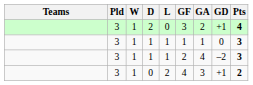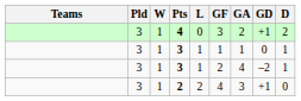 <table class="wikitable" style="text-align: center;">
 <tr>
 <th width=165>Teams</th>
 <th width=20>Pld</th>
 <th width=20>W</th>
-<th width=20>D</th>
+<th width=20>Pts</th>
 <th width=20>L</th>
 <th width=20>GF</th>
 <th width=20>GA</th>
 <th width=20>GD</th>
-<th width=20>Pts</th>
+<th width=20>D</th>
 </tr>
 <tr align=center style="background:#ccffcc;">
 <td style="text-align:left;"></td>
 <td>3</td>
 <td>1</td>
-<td>2</td>
+<td><strong>4</strong></td>
 <td>0</td>
 <td>3</td>
 <td>2</td>
 <td>+1</td>
-<td><strong>4</strong></td>
+<td>2</td>
 </tr>
 <tr align=center>
 <td style="text-align:left;"></td>
 <td>3</td>
 <td>1</td>
-<td>1</td>
+<td><strong>3</strong></td>
 <td>1</td>
 <td>1</td>
 <td>1</td>
 <td>0</td>
-<td><strong>3</strong></td>
+<td>1</td>
 </tr>
 <tr align=center>
 <td style="text-align:left;"></td>
 <td>3</td>
 <td>1</td>
-<td>1</td>
+<td><strong>3</strong></td>
 <td>1</td>
 <td>2</td>
 <td>4</td>
 <td>–2</td>
-<td><strong>3</strong></td>
+<td>1</td>
 </tr>
 <tr align=center>
 <td style="text-align:left;"></td>
 <td>3</td>
 <td>1</td>
-<td>0</td>
+<td><strong>2</strong></td>
 <td>2</td>
 <td>4</td>
 <td>3</td>
 <td>+1</td>
-<td><strong>2</strong></td>
+<td>0</td>
 </tr>
 </table>
